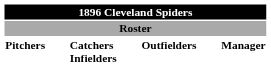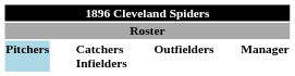 <table class="toccolours" style="font-size: 95%;">
 <tr>
 <th colspan="10" style="background-color: #000000; color: #FFFFFF; text-align: center;">1896 Cleveland Spiders</th>
 </tr>
 <tr>
 <td colspan="10" style="background-color: #A9A9A9; color: #000000; text-align: center;"><strong>Roster</strong></td>
 </tr>
 <tr>
-<td valign="top"><strong>Pitchers</strong><br>    </td>
+<td valign="top" style="background: lightblue;"><strong>Pitchers</strong><br>    </td>
 <td width="25px"></td>
 <td valign="top"><strong>Catchers</strong><br>    <strong>Infielders</strong>     </td>
 <td width="25px"></td>
 <td valign="top"><strong>Outfielders</strong><br>     </td>
 <td width="25px"></td>
 <td valign="top"><strong>Manager</strong><br></td>
 </tr>
 </table>
